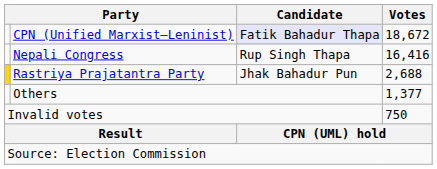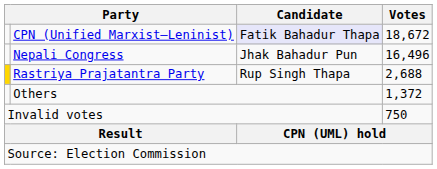 <table class="wikitable">
 <tr>
 <th colspan="2">Party</th>
 <th>Candidate</th>
 <th>Votes</th>
 </tr>
 <tr>
 <td style="background-color:"></td>
 <td><a href='#'>CPN (Unified Marxist–Leninist)</a></td>
 <td style="background: lavender;">Fatik Bahadur Thapa</td>
 <td>18,672</td>
 </tr>
 <tr>
 <td style="background-color:"></td>
 <td><a href='#'>Nepali Congress</a></td>
-<td>Rup Singh Thapa</td>
-<td>16,416</td>
+<td>Jhak Bahadur Pun</td>
+<td>16,496</td>
 </tr>
 <tr>
 <td style="background-color:gold"></td>
 <td><a href='#'>Rastriya Prajatantra Party</a></td>
-<td>Jhak Bahadur Pun</td>
+<td>Rup Singh Thapa</td>
 <td>2,688</td>
 </tr>
 <tr>
 <td></td>
 <td colspan="2">Others</td>
-<td>1,377</td>
+<td>1,372</td>
 </tr>
 <tr>
 <td colspan="3">Invalid votes</td>
 <td>750</td>
 </tr>
 <tr>
 <th colspan="2">Result</th>
 <th colspan="2">CPN (UML) hold</th>
 </tr>
 <tr>
 <td colspan="4">Source: Election Commission</td>
 </tr>
 </table>
